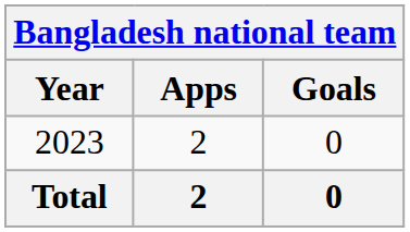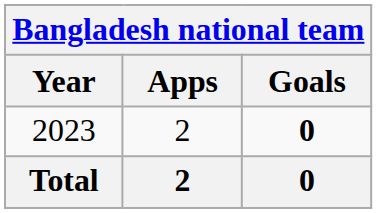 <table class=wikitable style=text-align:center>
 <tr>
 <th colspan=4><a href='#'>Bangladesh national team</a></th>
 </tr>
 <tr>
 <th>Year</th>
 <th>Apps</th>
 <th>Goals</th>
 </tr>
 <tr>
 <td>2023</td>
 <td>2</td>
-<td>0</td>
+<td><strong>0</strong></td>
 </tr>
 <tr>
 <th colspan=1>Total</th>
 <th>2</th>
 <th>0</th>
 </tr>
 </table>
